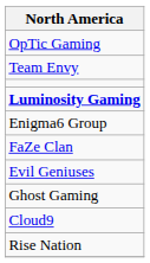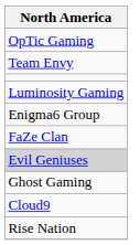 <table class="wikitable" style="display: inline-table;">
 <tr>
 <th>North America</th>
 </tr>
 <tr>
 <td><a href='#'>OpTic Gaming</a></td>
 </tr>
 <tr>
 <td><a href='#'>Team Envy</a></td>
 </tr>
 <tr>
 <td></td>
 </tr>
 <tr>
-<td><strong><a href='#'>Luminosity Gaming</a></strong></td>
+<td><a href='#'>Luminosity Gaming</a></td>
 </tr>
 <tr>
 <td>Enigma6 Group</td>
 </tr>
 <tr>
 <td><a href='#'>FaZe Clan</a></td>
 </tr>
 <tr>
-<td><a href='#'>Evil Geniuses</a></td>
+<td style="background: lightgrey;"><a href='#'>Evil Geniuses</a></td>
 </tr>
 <tr>
 <td>Ghost Gaming</td>
 </tr>
 <tr>
 <td><a href='#'>Cloud9</a></td>
 </tr>
 <tr>
 <td>Rise Nation</td>
 </tr>
 <tr>
 </tr>
 </table>
